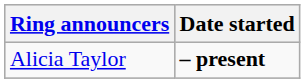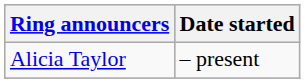 <table class="wikitable" style="font-size:88%; text-align:left;">
 <tr>
 <th><a href='#'>Ring announcers</a></th>
 <th>Date started</th>
 </tr>
 <tr>
 <td><a href='#'>Alicia Taylor</a></td>
-<td><strong> – present</strong></td>
+<td> – present</td>
 </tr>
 </table>
